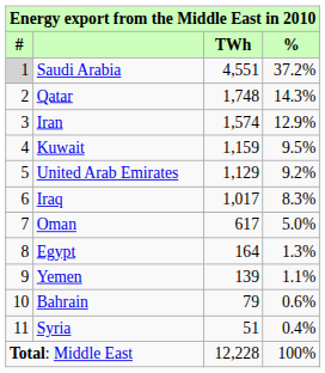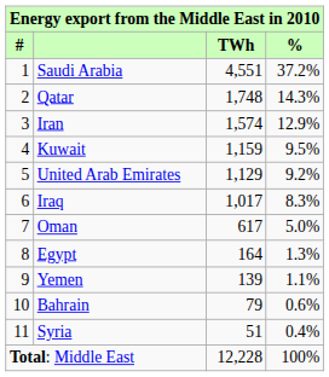 <table class="wikitable" style="float: right; margin-left: 10px">
 <tr>
 <th colspan=4 align="center" style="background-color: #cfb;">Energy export from the Middle East in 2010 </th>
 </tr>
 <tr>
 <th style="background-color: #cfb;">#</th>
 <th style="background-color: #cfb;"></th>
 <th style="background-color: #cfb;">TWh</th>
 <th style="background-color: #cfb;">%</th>
 </tr>
 <tr ---->
-<td align="right" style="background: lightgrey;">1</td>
+<td align="right">1</td>
 <td align="left"><a href='#'>Saudi Arabia</a></td>
 <td align="right">4,551</td>
 <td align="right">37.2%</td>
 </tr>
 <tr --->
 <td align="right">2</td>
 <td align="left"><a href='#'>Qatar</a></td>
 <td align="right">1,748</td>
 <td align="right">14.3%</td>
 </tr>
 <tr ---->
 <td align="right">3</td>
 <td align="left"><a href='#'>Iran</a></td>
 <td align="right">1,574</td>
 <td align="right">12.9%</td>
 </tr>
 <tr --->
 <td align="right">4</td>
 <td align="left"><a href='#'>Kuwait</a></td>
 <td align="right">1,159</td>
 <td align="right">9.5%</td>
 </tr>
 <tr ---->
 <td align="right">5</td>
 <td align="left"><a href='#'>United Arab Emirates</a></td>
 <td align="right">1,129</td>
 <td align="right">9.2%</td>
 </tr>
 <tr --->
 <td align="right">6</td>
 <td align="left"><a href='#'>Iraq</a></td>
 <td align="right">1,017</td>
 <td align="right">8.3%</td>
 </tr>
 <tr ---->
 <td align="right">7</td>
 <td align="left"><a href='#'>Oman</a></td>
 <td align="right">617</td>
 <td align="right">5.0%</td>
 </tr>
 <tr --->
 <td align="right">8</td>
 <td align="left"><a href='#'>Egypt</a></td>
 <td align="right">164</td>
 <td align="right">1.3%</td>
 </tr>
 <tr --->
 <td align="right">9</td>
 <td align="left"><a href='#'>Yemen</a></td>
 <td align="right">139</td>
 <td align="right">1.1%</td>
 </tr>
 <tr ---->
 <td align="right">10</td>
 <td align="left"><a href='#'>Bahrain</a></td>
 <td align="right">79</td>
 <td align="right">0.6%</td>
 </tr>
 <tr --->
 <td align="right">11</td>
 <td align="left"><a href='#'>Syria</a></td>
 <td align="right">51</td>
 <td align="right">0.4%</td>
 </tr>
 <tr --->
 <td align="left" colspan=2><strong>Total</strong>: <a href='#'>Middle East</a></td>
 <td align="right">12,228</td>
 <td align="right">100%</td>
 </tr>
 </table>
